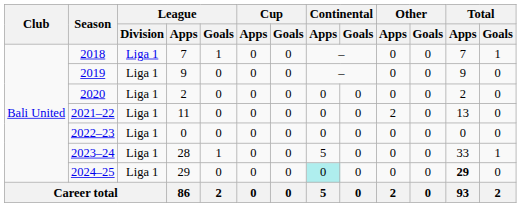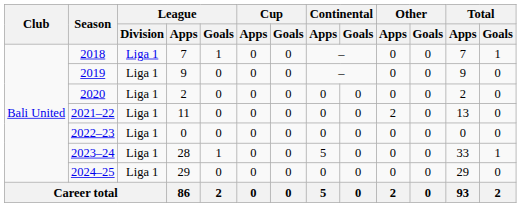 <table class="wikitable" style="text-align: center">
 <tr>
 <th rowspan="2">Club</th>
 <th rowspan="2">Season</th>
 <th colspan="3">League</th>
 <th colspan="2">Cup</th>
 <th colspan="2">Continental</th>
 <th colspan="2">Other</th>
 <th colspan="2">Total</th>
 </tr>
 <tr>
 <th>Division</th>
 <th>Apps</th>
 <th>Goals</th>
 <th>Apps</th>
 <th>Goals</th>
 <th>Apps</th>
 <th>Goals</th>
 <th>Apps</th>
 <th>Goals</th>
 <th>Apps</th>
 <th>Goals</th>
 </tr>
 <tr>
 <td rowspan="7"><a href='#'>Bali United</a></td>
 <td><a href='#'>2018</a></td>
 <td rowspan="1" valign="center"><a href='#'>Liga 1</a></td>
 <td>7</td>
 <td>1</td>
 <td>0</td>
 <td>0</td>
 <td colspan="2">–</td>
 <td>0</td>
 <td>0</td>
 <td>7</td>
 <td>1</td>
 </tr>
 <tr>
 <td><a href='#'>2019</a></td>
 <td rowspan="1" valign="center">Liga 1</td>
 <td>9</td>
 <td>0</td>
 <td>0</td>
 <td>0</td>
 <td colspan="2">–</td>
 <td>0</td>
 <td>0</td>
 <td>9</td>
 <td>0</td>
 </tr>
 <tr>
 <td><a href='#'>2020</a></td>
 <td rowspan="1" valign="center">Liga 1</td>
 <td>2</td>
 <td>0</td>
 <td>0</td>
 <td>0</td>
 <td>0</td>
 <td>0</td>
 <td>0</td>
 <td>0</td>
 <td>2</td>
 <td>0</td>
 </tr>
 <tr>
 <td><a href='#'>2021–22</a></td>
 <td rowspan="1" valign="center">Liga 1</td>
 <td>11</td>
 <td>0</td>
 <td>0</td>
 <td>0</td>
 <td>0</td>
 <td>0</td>
 <td>2</td>
 <td>0</td>
 <td>13</td>
 <td>0</td>
 </tr>
 <tr>
 <td><a href='#'>2022–23</a></td>
 <td rowspan="1" valign="center">Liga 1</td>
 <td>0</td>
 <td>0</td>
 <td>0</td>
 <td>0</td>
 <td>0</td>
 <td>0</td>
 <td>0</td>
 <td>0</td>
 <td>0</td>
 <td>0</td>
 </tr>
 <tr>
 <td><a href='#'>2023–24</a></td>
 <td>Liga 1</td>
 <td>28</td>
 <td>1</td>
 <td>0</td>
 <td>0</td>
 <td>5</td>
 <td>0</td>
 <td>0</td>
 <td>0</td>
 <td>33</td>
 <td>1</td>
 </tr>
 <tr>
 <td><a href='#'>2024–25</a></td>
 <td>Liga 1</td>
 <td>29</td>
 <td>0</td>
 <td>0</td>
 <td>0</td>
-<td style="background: paleturquoise;">0</td>
 <td>0</td>
 <td>0</td>
 <td>0</td>
-<td><strong>29</strong></td>
+<td>0</td>
+<td>29</td>
 <td>0</td>
 </tr>
 <tr>
 <th colspan=3>Career total</th>
 <th>86</th>
 <th>2</th>
 <th>0</th>
 <th>0</th>
 <th>5</th>
 <th>0</th>
 <th>2</th>
 <th>0</th>
 <th>93</th>
 <th>2</th>
 </tr>
 </table>
